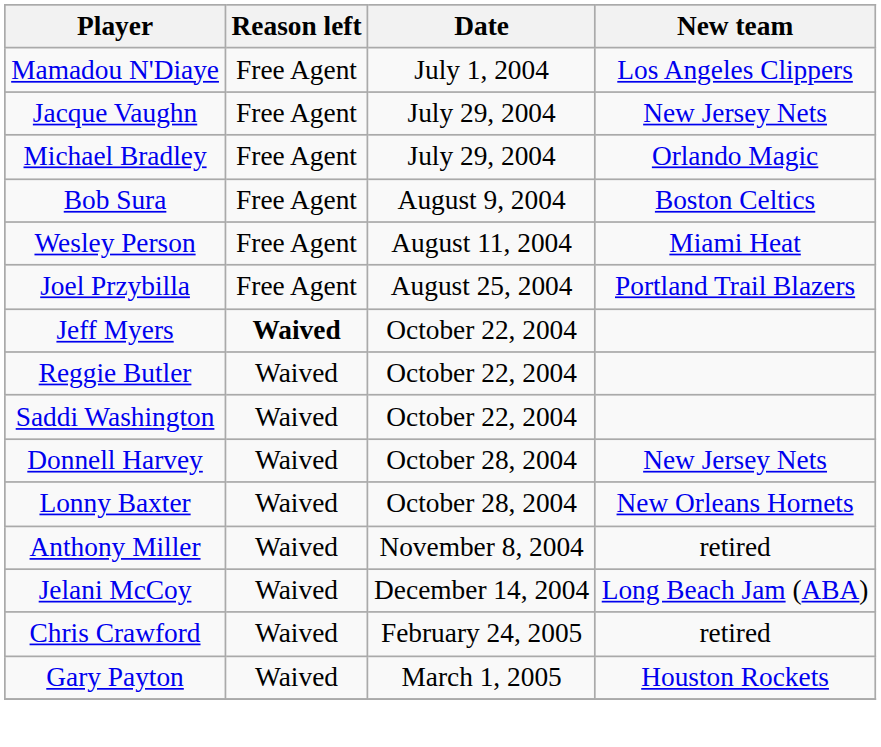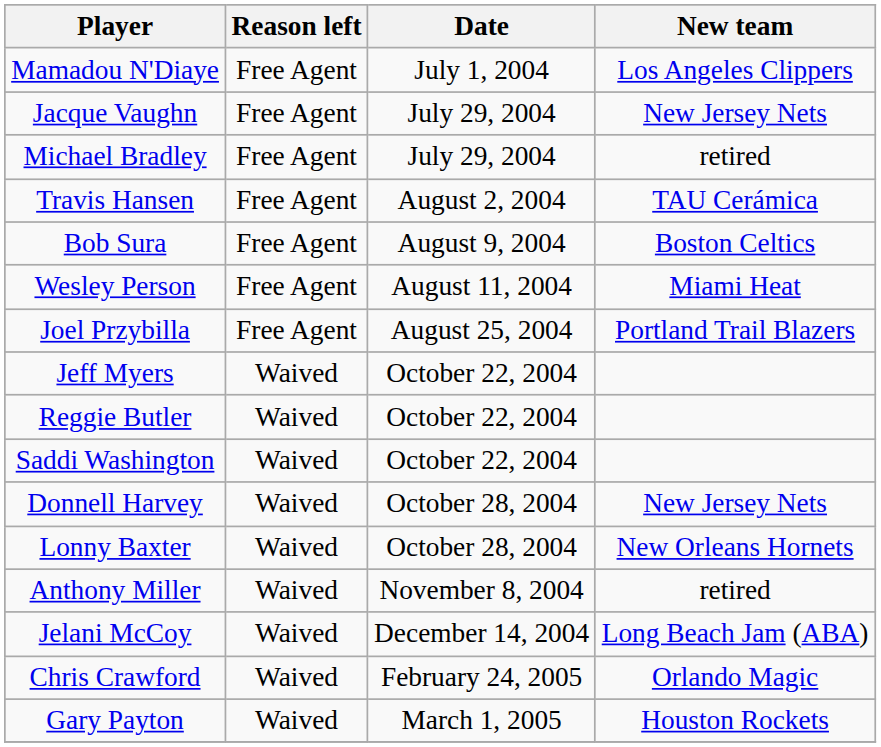 <table class="wikitable sortable sortable" style="text-align: center">
 <tr>
 <th>Player</th>
 <th>Reason left</th>
 <th>Date</th>
 <th>New team</th>
 </tr>
 <tr>
 <td><a href='#'>Mamadou N'Diaye</a></td>
 <td>Free Agent</td>
 <td>July 1, 2004</td>
 <td><a href='#'>Los Angeles Clippers</a></td>
 </tr>
 <tr>
 <td><a href='#'>Jacque Vaughn</a></td>
 <td>Free Agent</td>
 <td>July 29, 2004</td>
 <td><a href='#'>New Jersey Nets</a></td>
 </tr>
 <tr>
 <td><a href='#'>Michael Bradley</a></td>
 <td>Free Agent</td>
 <td>July 29, 2004</td>
-<td><a href='#'>Orlando Magic</a></td>
+<td>retired</td>
+</tr>
+<tr>
+<td><a href='#'>Travis Hansen</a></td>
+<td>Free Agent</td>
+<td>August 2, 2004</td>
+<td> <a href='#'>TAU Cerámica</a></td>
 </tr>
 <tr>
 <td><a href='#'>Bob Sura</a></td>
 <td>Free Agent</td>
 <td>August 9, 2004</td>
 <td><a href='#'>Boston Celtics</a></td>
 </tr>
 <tr>
 <td><a href='#'>Wesley Person</a></td>
 <td>Free Agent</td>
 <td>August 11, 2004</td>
 <td><a href='#'>Miami Heat</a></td>
 </tr>
 <tr>
 <td><a href='#'>Joel Przybilla</a></td>
 <td>Free Agent</td>
 <td>August 25, 2004</td>
 <td><a href='#'>Portland Trail Blazers</a></td>
 </tr>
 <tr>
 <td><a href='#'>Jeff Myers</a></td>
-<td><strong>Waived</strong></td>
+<td>Waived</td>
 <td>October 22, 2004</td>
 <td></td>
 </tr>
 <tr>
 <td><a href='#'>Reggie Butler</a></td>
 <td>Waived</td>
 <td>October 22, 2004</td>
 <td></td>
 </tr>
 <tr>
 <td><a href='#'>Saddi Washington</a></td>
 <td>Waived</td>
 <td>October 22, 2004</td>
 <td></td>
 </tr>
 <tr>
 <td><a href='#'>Donnell Harvey</a></td>
 <td>Waived</td>
 <td>October 28, 2004</td>
 <td><a href='#'>New Jersey Nets</a></td>
 </tr>
 <tr>
 <td><a href='#'>Lonny Baxter</a></td>
 <td>Waived</td>
 <td>October 28, 2004</td>
 <td><a href='#'>New Orleans Hornets</a></td>
 </tr>
 <tr>
 <td><a href='#'>Anthony Miller</a></td>
 <td>Waived</td>
 <td>November 8, 2004</td>
 <td>retired</td>
 </tr>
 <tr>
 <td><a href='#'>Jelani McCoy</a></td>
 <td>Waived</td>
 <td>December 14, 2004</td>
 <td><a href='#'>Long Beach Jam</a> (<a href='#'>ABA</a>)</td>
 </tr>
 <tr>
 <td><a href='#'>Chris Crawford</a></td>
 <td>Waived</td>
 <td>February 24, 2005</td>
-<td>retired</td>
+<td><a href='#'>Orlando Magic</a></td>
 </tr>
 <tr>
 <td><a href='#'>Gary Payton</a></td>
 <td>Waived</td>
 <td>March 1, 2005</td>
 <td><a href='#'>Houston Rockets</a></td>
 </tr>
 <tr>
 </tr>
 </table>
